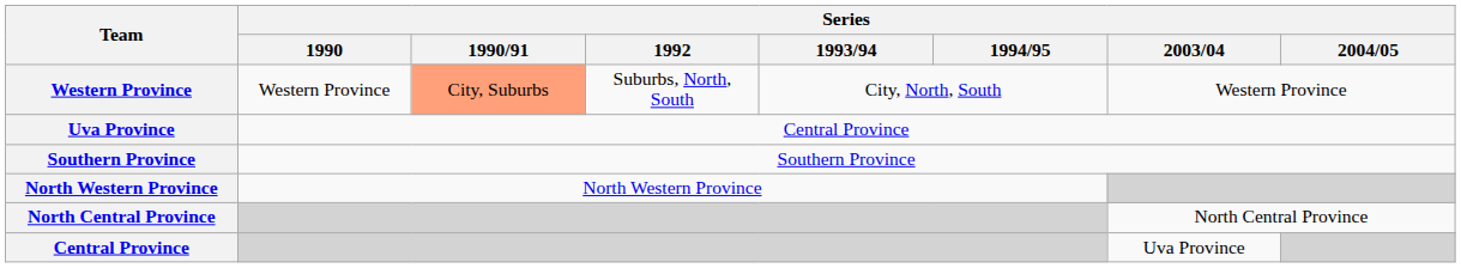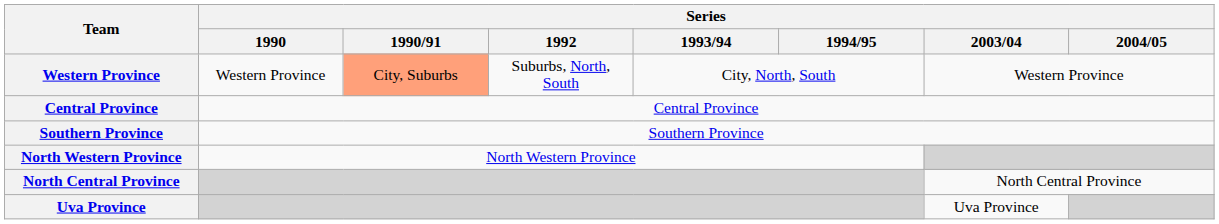 <table class="wikitable" style="text-align:center">
 <tr>
 <th rowspan="2" width="16%">Team</th>
 <th colspan="7" align="center">Series</th>
 </tr>
 <tr>
 <th align="center" width="12%">1990</th>
 <th align="center" width="12%">1990/91</th>
 <th align="center" width="12%">1992</th>
 <th align="center" width="12%">1993/94</th>
 <th align="center" width="12%">1994/95</th>
 <th align="center" width="12%">2003/04</th>
 <th align="center" width="12%">2004/05</th>
 </tr>
 <tr>
 <th><a href='#'>Western Province</a></th>
 <td>Western Province</td>
 <td style="background: lightsalmon;">City, Suburbs</td>
 <td>Suburbs, <a href='#'>North</a>, <a href='#'>South</a></td>
 <td colspan="2">City, <a href='#'>North</a>, <a href='#'>South</a></td>
 <td colspan="2">Western Province</td>
 </tr>
 <tr>
-<th><a href='#'>Uva Province</a></th>
+<th><a href='#'>Central Province</a></th>
 <td colspan="7"><a href='#'>Central Province</a></td>
 </tr>
 <tr>
 <th><a href='#'>Southern Province</a></th>
 <td colspan="7"><a href='#'>Southern Province</a></td>
 </tr>
 <tr>
 <th><a href='#'>North Western Province</a></th>
 <td colspan="5"><a href='#'>North Western Province</a></td>
 <td colspan="2" style="background-color:lightgrey;"> </td>
 </tr>
 <tr>
 <th><a href='#'>North Central Province</a></th>
 <td colspan="5" style="background-color:lightgrey;"> </td>
 <td colspan="2">North Central Province</td>
 </tr>
 <tr>
-<th><a href='#'>Central Province</a></th>
+<th><a href='#'>Uva Province</a></th>
 <td colspan="5" style="background-color:lightgrey;"> </td>
 <td colspan="1">Uva Province</td>
 <td colspan="1" style="background-color:lightgrey;"> </td>
 </tr>
 </table>
